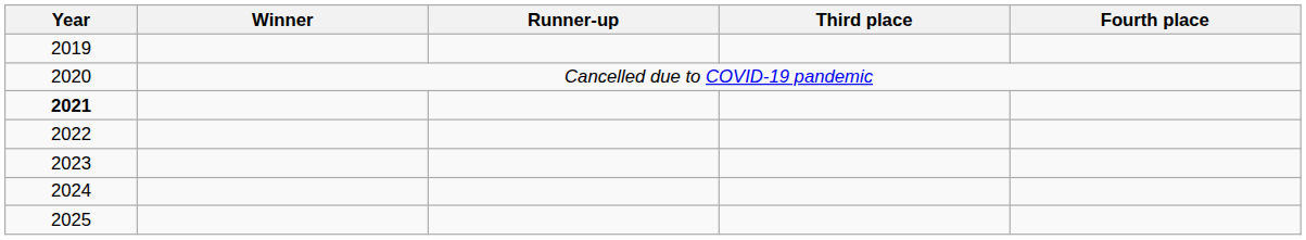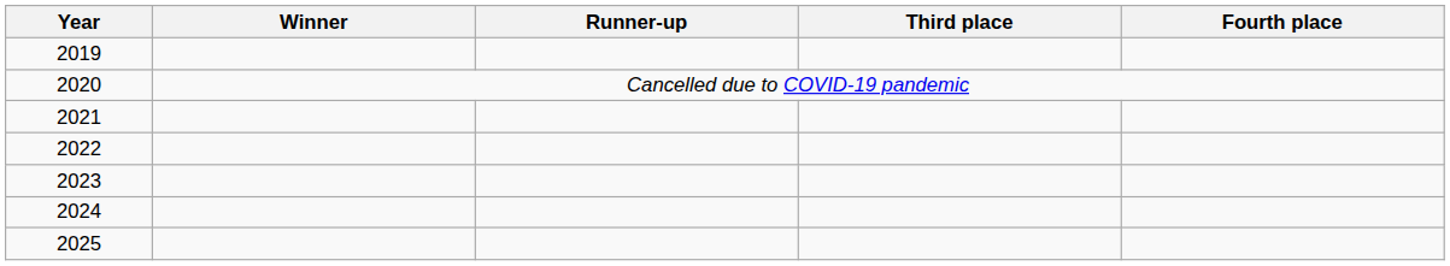 <table class="wikitable" style="font-size:90%; width:65%; text-align:left;">
 <tr>
 <th width="10%">Year</th>
 <th width="22%">Winner</th>
 <th width="22%">Runner-up</th>
 <th width="22%">Third place</th>
 <th width="22%">Fourth place</th>
 </tr>
 <tr>
 <td align=center>2019</td>
 <td></td>
 <td></td>
 <td></td>
 <td></td>
 </tr>
 <tr>
 <td align=center>2020</td>
 <td align=center colspan=4><em>Cancelled due to <a href='#'>COVID-19 pandemic</a></em></td>
 </tr>
 <tr>
-<td align=center><strong>2021</strong></td>
+<td align=center>2021</td>
 <td></td>
 <td></td>
 <td></td>
 <td></td>
 </tr>
 <tr>
 <td align=center>2022</td>
 <td></td>
 <td></td>
 <td></td>
 <td></td>
 </tr>
 <tr>
 <td align=center>2023</td>
 <td></td>
 <td></td>
 <td></td>
 <td></td>
 </tr>
 <tr>
 <td align=center>2024</td>
 <td></td>
 <td></td>
 <td></td>
 <td></td>
 </tr>
 <tr>
 <td align=center>2025</td>
 <td></td>
 <td></td>
 <td></td>
 <td></td>
 </tr>
 </table>
